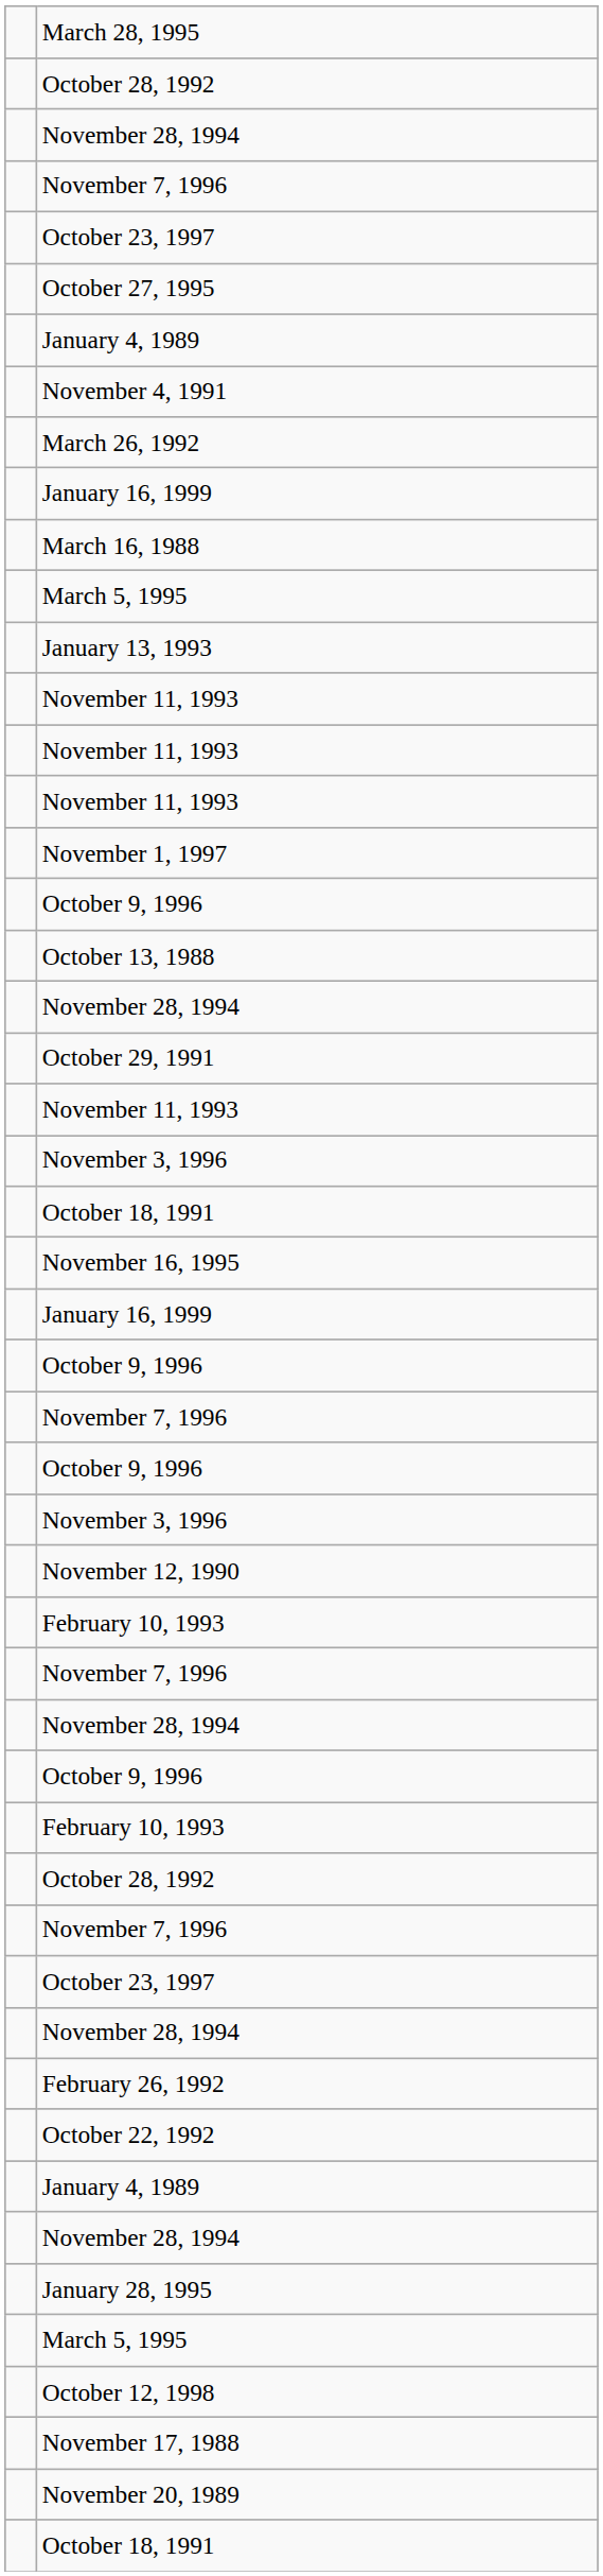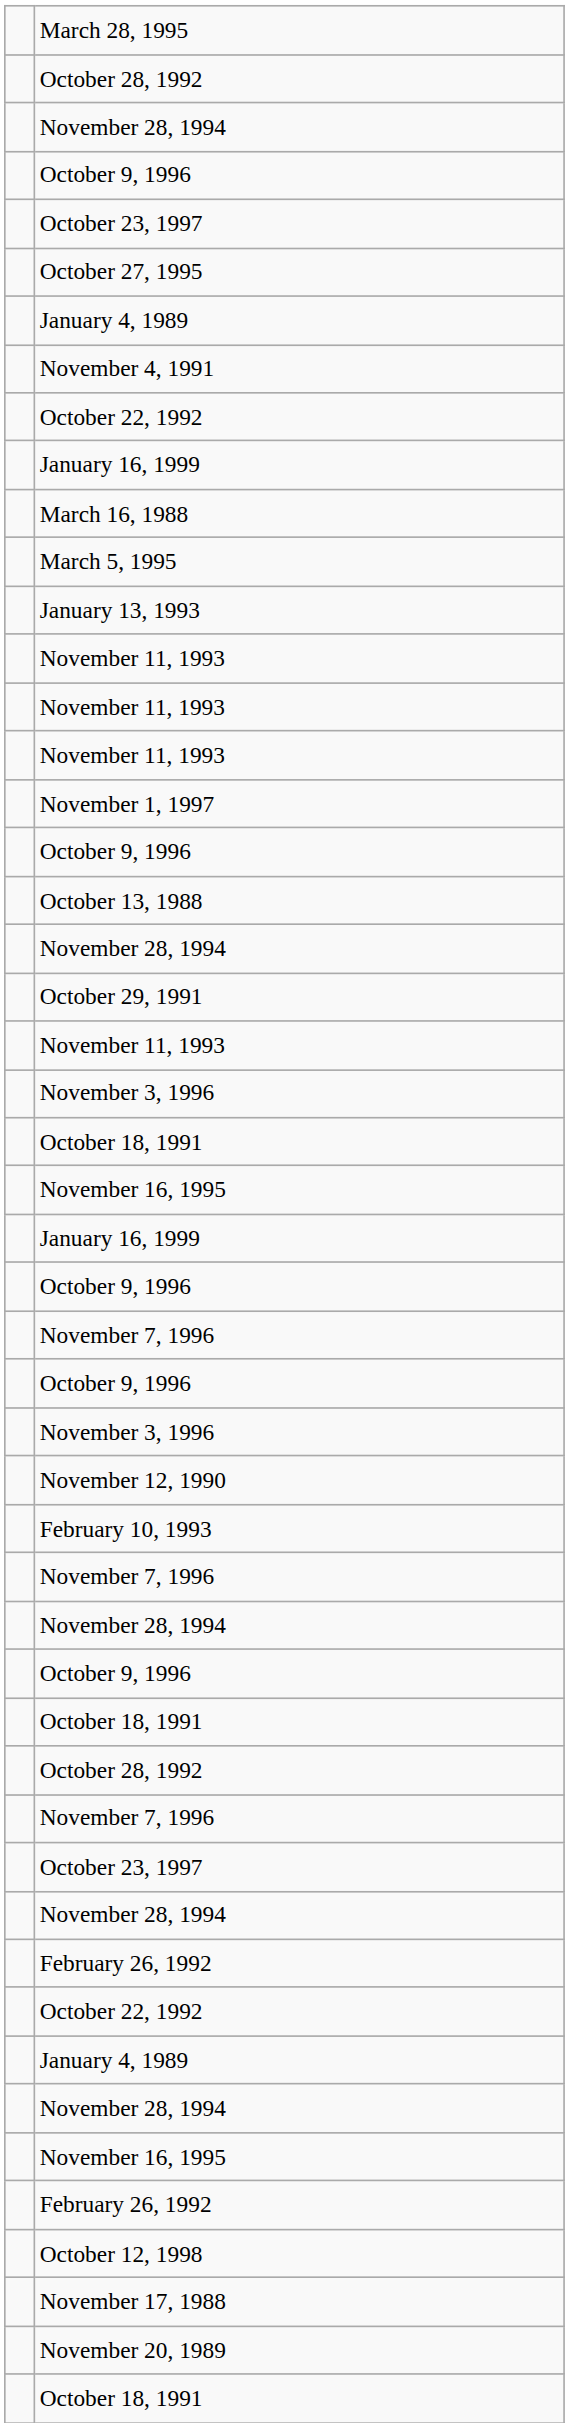 <table class="wikitable" style="font-size: 89%; float: left; width: 24em; margin-right: 1em; line-height: 1.6em !important;  height: 1250px;">
 <tr>
 <td></td>
 <td>March 28, 1995</td>
 </tr>
 <tr>
 <td></td>
 <td>October 28, 1992</td>
 </tr>
 <tr>
 <td></td>
 <td>November 28, 1994</td>
 </tr>
 <tr>
 <td></td>
-<td>November 7, 1996</td>
+<td>October 9, 1996</td>
 </tr>
 <tr>
 <td></td>
 <td>October 23, 1997</td>
 </tr>
 <tr>
 <td></td>
 <td>October 27, 1995</td>
 </tr>
 <tr>
 <td></td>
 <td>January 4, 1989</td>
 </tr>
 <tr>
 <td></td>
 <td>November 4, 1991</td>
 </tr>
 <tr>
 <td></td>
-<td>March 26, 1992</td>
+<td>October 22, 1992</td>
 </tr>
 <tr>
 <td></td>
 <td>January 16, 1999</td>
 </tr>
 <tr>
 <td></td>
 <td>March 16, 1988</td>
 </tr>
 <tr>
 <td></td>
 <td>March 5, 1995</td>
 </tr>
 <tr>
 <td></td>
 <td>January 13, 1993</td>
 </tr>
 <tr>
 <td></td>
 <td>November 11, 1993</td>
 </tr>
 <tr>
 <td></td>
 <td>November 11, 1993</td>
 </tr>
 <tr>
 <td></td>
 <td>November 11, 1993</td>
 </tr>
 <tr>
 <td></td>
 <td>November 1, 1997</td>
 </tr>
 <tr>
 <td></td>
 <td>October 9, 1996</td>
 </tr>
 <tr>
 <td></td>
 <td>October 13, 1988</td>
 </tr>
 <tr>
 <td></td>
 <td>November 28, 1994</td>
 </tr>
 <tr>
 <td></td>
 <td>October 29, 1991</td>
 </tr>
 <tr>
 <td></td>
 <td>November 11, 1993</td>
 </tr>
 <tr>
 <td></td>
 <td>November 3, 1996</td>
 </tr>
 <tr>
 <td></td>
 <td>October 18, 1991</td>
 </tr>
 <tr>
 <td></td>
 <td>November 16, 1995</td>
 </tr>
 <tr>
 <td></td>
 <td>January 16, 1999</td>
 </tr>
 <tr>
 <td></td>
 <td>October 9, 1996</td>
 </tr>
 <tr>
 <td></td>
 <td>November 7, 1996</td>
 </tr>
 <tr>
 <td></td>
 <td>October 9, 1996</td>
 </tr>
 <tr>
 <td></td>
 <td>November 3, 1996</td>
 </tr>
 <tr>
 <td></td>
 <td>November 12, 1990</td>
 </tr>
 <tr>
 <td></td>
 <td>February 10, 1993</td>
 </tr>
 <tr>
 <td></td>
 <td>November 7, 1996</td>
 </tr>
 <tr>
 <td></td>
 <td>November 28, 1994</td>
 </tr>
 <tr>
 <td></td>
 <td>October 9, 1996</td>
 </tr>
 <tr>
 <td></td>
-<td>February 10, 1993</td>
+<td>October 18, 1991</td>
 </tr>
 <tr>
 <td></td>
 <td>October 28, 1992</td>
 </tr>
 <tr>
 <td></td>
 <td>November 7, 1996</td>
 </tr>
 <tr>
 <td></td>
 <td>October 23, 1997</td>
 </tr>
 <tr>
 <td></td>
 <td>November 28, 1994</td>
 </tr>
 <tr>
 <td></td>
 <td>February 26, 1992</td>
 </tr>
 <tr>
 <td></td>
 <td>October 22, 1992</td>
 </tr>
 <tr>
 <td></td>
 <td>January 4, 1989</td>
 </tr>
 <tr>
 <td></td>
 <td>November 28, 1994</td>
 </tr>
 <tr>
 <td></td>
-<td>January 28, 1995</td>
+<td>November 16, 1995</td>
 </tr>
 <tr>
 <td></td>
-<td>March 5, 1995</td>
+<td>February 26, 1992</td>
 </tr>
 <tr>
 <td></td>
 <td>October 12, 1998</td>
 </tr>
 <tr>
 <td></td>
 <td>November 17, 1988</td>
 </tr>
 <tr>
 <td></td>
 <td>November 20, 1989</td>
 </tr>
 <tr>
 <td></td>
 <td>October 18, 1991</td>
 </tr>
 </table>
